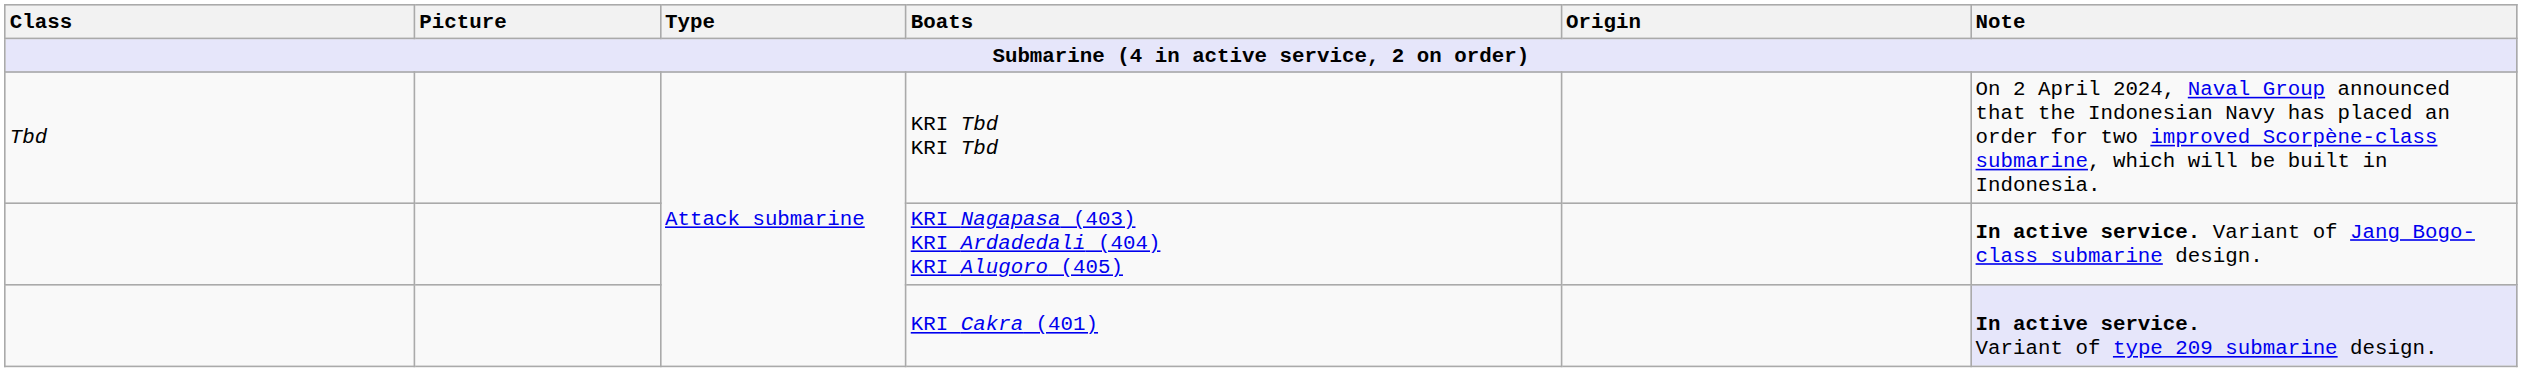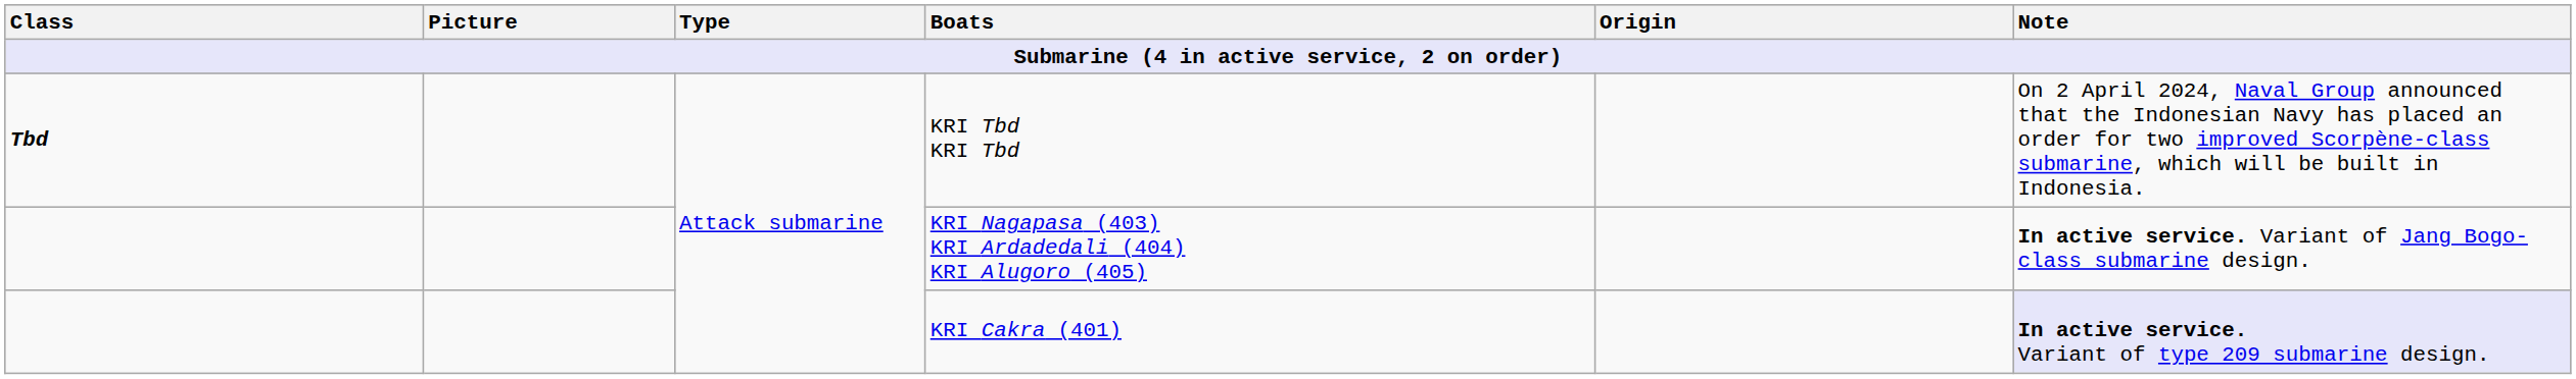 <table class="wikitable ">
 <tr>
 <th style="text-align:left; width:15%;">Class</th>
 <th style="text-align:left; width:9%;">Picture</th>
 <th style="text-align:left; width:9%;">Type</th>
 <th style="text-align:left; width:24%;">Boats</th>
 <th style="text-align:left; width:15%;">Origin</th>
 <th style="text-align:left; width:20%;">Note</th>
 </tr>
 <tr>
 <th colspan="6" style="background: lavender;">Submarine (4 in active service, 2 on order)</th>
 </tr>
 <tr>
-<td><em>Tbd</em></td>
+<td><strong><em>Tbd</em></strong></td>
 <td></td>
 <td rowspan="3"><a href='#'>Attack submarine</a></td>
 <td>KRI <em>Tbd</em><br>KRI <em>Tbd</em></td>
 <td><br></td>
 <td>On 2 April 2024, <a href='#'>Naval Group</a> announced that the Indonesian Navy has placed an order for two <a href='#'>improved Scorpène-class submarine</a>, which will be built in Indonesia.</td>
 </tr>
 <tr>
 <td></td>
 <td></td>
 <td><a href='#'>KRI <em>Nagapasa</em> (403)</a><br><a href='#'>KRI <em>Ardadedali</em> (404)</a><br><a href='#'>KRI <em>Alugoro</em> (405)</a></td>
 <td><br></td>
 <td><strong>In active service.</strong> Variant of <a href='#'>Jang Bogo-class submarine</a> design.</td>
 </tr>
 <tr>
 <td></td>
 <td></td>
 <td><a href='#'>KRI <em>Cakra</em> (401)</a><br></td>
 <td></td>
 <td style="background: lavender;"><br><strong>In active service.</strong><br>Variant of <a href='#'>type 209 submarine</a> design.</td>
 </tr>
 </table>
